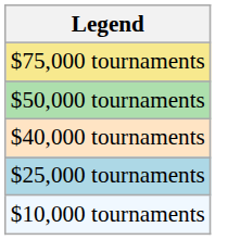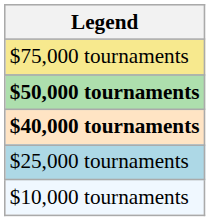 <table class="wikitable" style="font-size:85%;">
 <tr>
 <th>Legend</th>
 </tr>
 <tr style="background:#f7e98e;">
 <td>$75,000 tournaments</td>
 </tr>
 <tr style="background:#addfad;">
-<td>$50,000 tournaments</td>
+<td><strong>$50,000 tournaments</strong></td>
 </tr>
 <tr style="background:#ffe4c4;">
-<td>$40,000 tournaments</td>
+<td><strong>$40,000 tournaments</strong></td>
 </tr>
 <tr style="background:lightblue;">
 <td>$25,000 tournaments</td>
 </tr>
 <tr style="background:#f0f8ff;">
 <td>$10,000 tournaments</td>
 </tr>
 </table>
